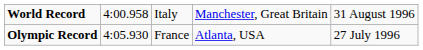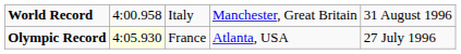 <table class="wikitable">
 <tr>
 <td><strong>World Record</strong></td>
 <td>4:00.958</td>
 <td>Italy</td>
 <td><a href='#'>Manchester</a>, Great Britain</td>
 <td>31 August 1996</td>
 </tr>
 <tr>
 <td><strong>Olympic Record</strong></td>
-<td>4:05.930</td>
+<td style="background: lightyellow;">4:05.930</td>
 <td>France</td>
 <td><a href='#'>Atlanta</a>, USA</td>
 <td>27 July 1996</td>
 </tr>
 </table>
